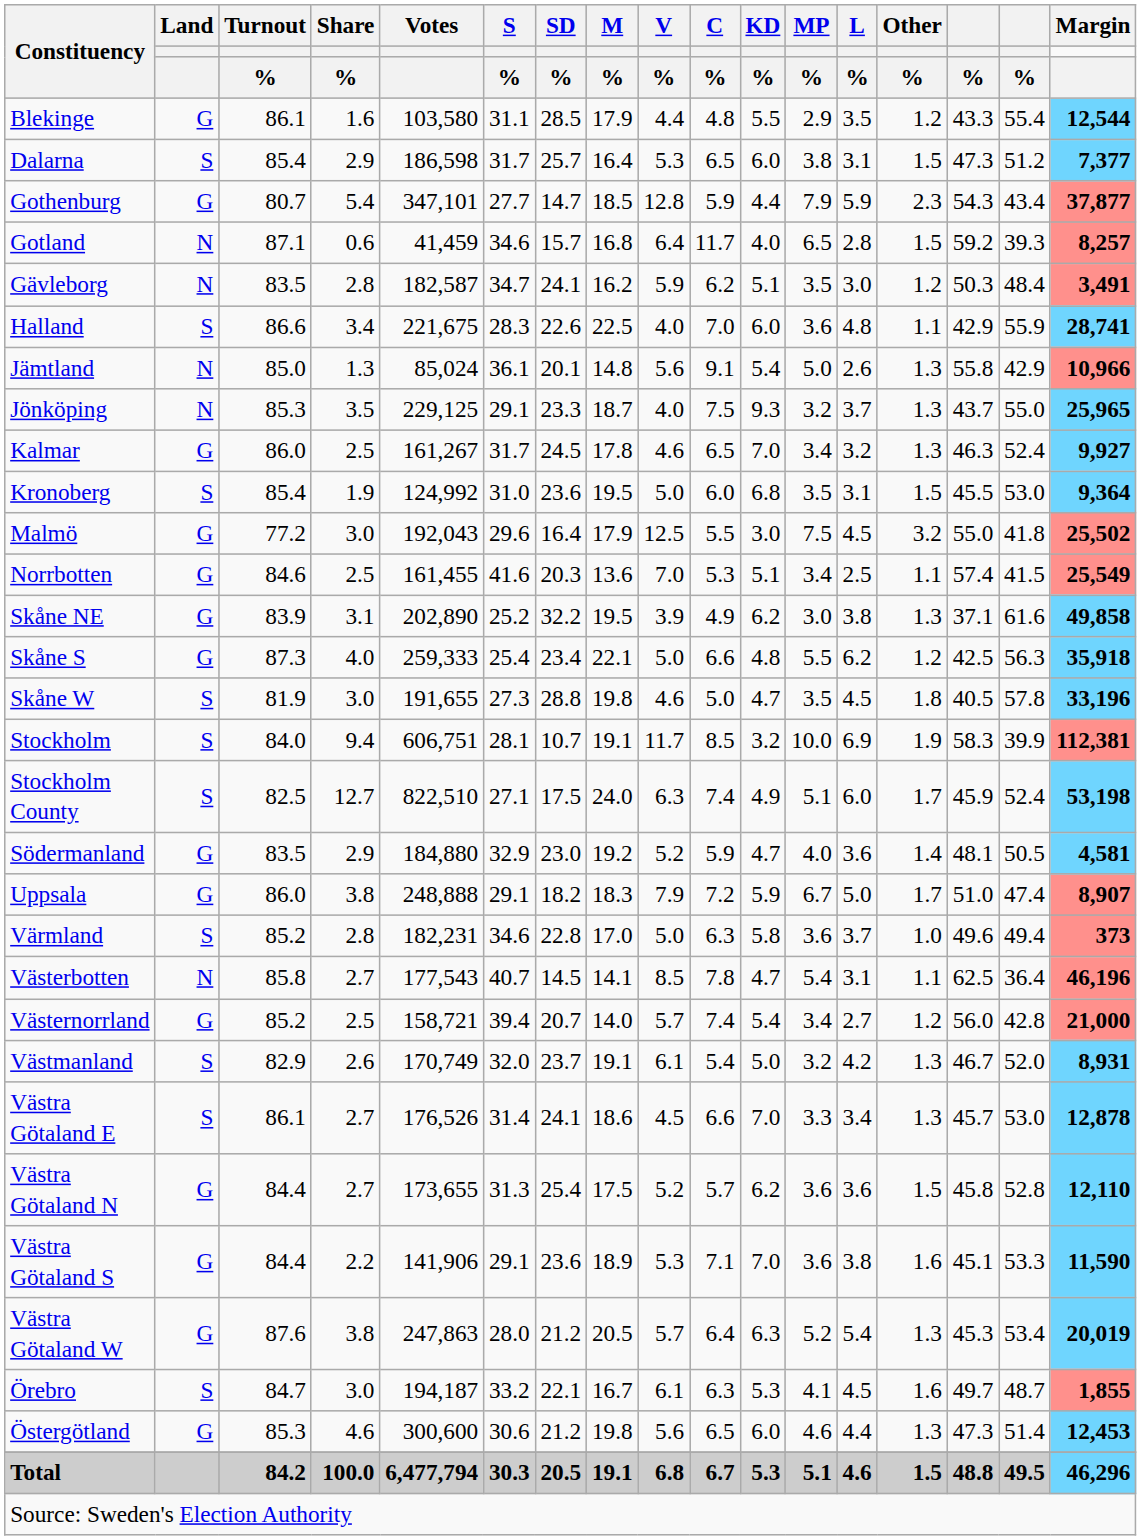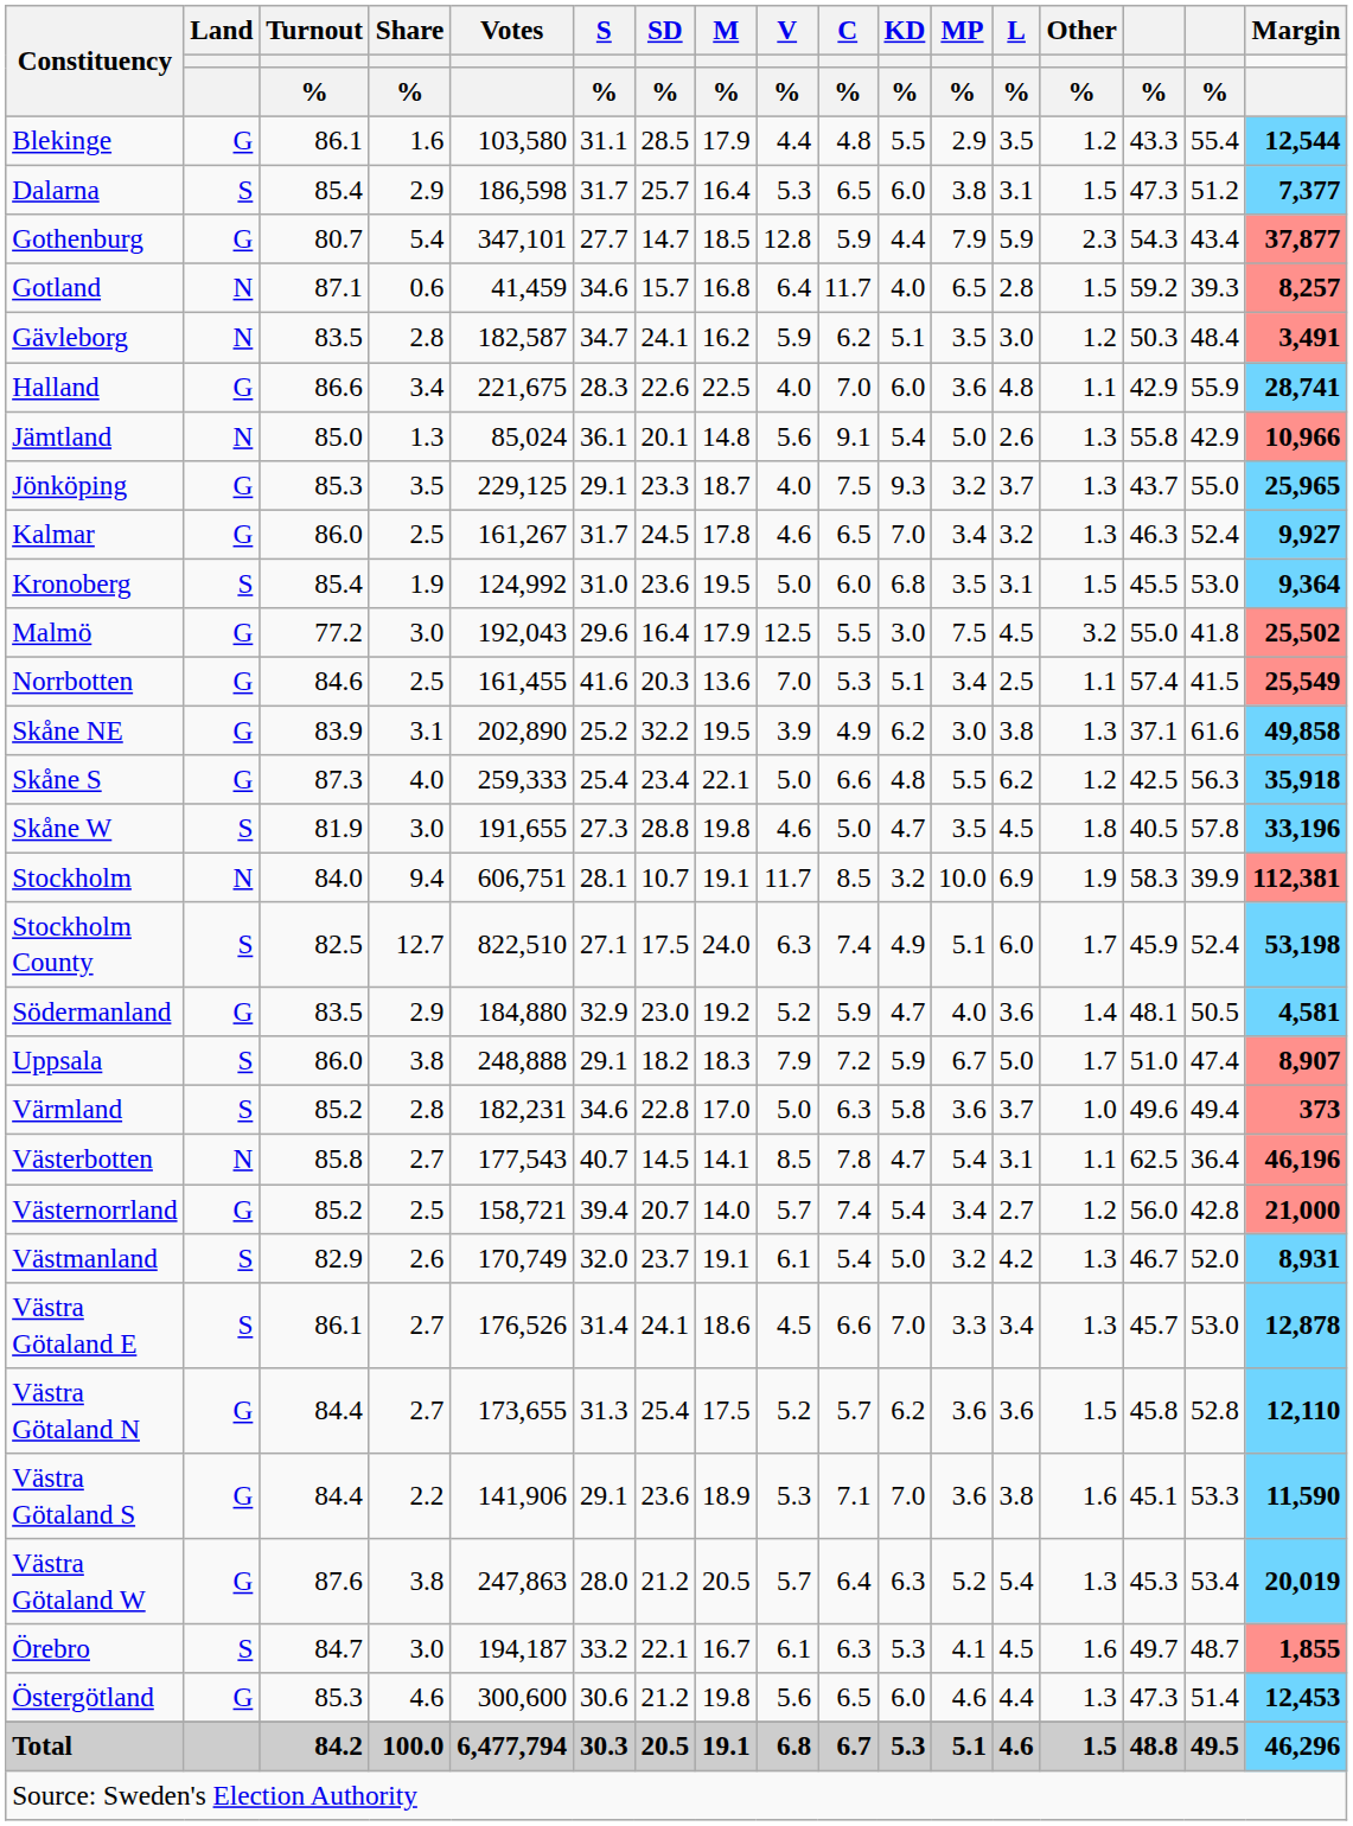 <table class="wikitable sortable" style="text-align:right; font-size:95%; line-height:20px;">
 <tr>
 <th rowspan="3">Constituency</th>
 <th>Land</th>
 <th>Turnout</th>
 <th>Share</th>
 <th>Votes</th>
 <th width="30px" class="unsortable"><a href='#'>S</a></th>
 <th width="30px" class="unsortable"><a href='#'>SD</a></th>
 <th width="30px" class="unsortable"><a href='#'>M</a></th>
 <th width="30px" class="unsortable"><a href='#'>V</a></th>
 <th width="30px" class="unsortable"><a href='#'>C</a></th>
 <th width="30px" class="unsortable"><a href='#'>KD</a></th>
 <th width="30px" class="unsortable"><a href='#'>MP</a></th>
 <th width="30px" class="unsortable"><a href='#'>L</a></th>
 <th width="30px" class="unsortable">Other</th>
 <th></th>
 <th></th>
 <th>Margin</th>
 </tr>
 <tr>
 <th></th>
 <th></th>
 <th></th>
 <th></th>
 <th style="background:"></th>
 <th style="background:"></th>
 <th style="background:"></th>
 <th style="background:"></th>
 <th style="background:"></th>
 <th style="background:"></th>
 <th style="background:"></th>
 <th style="background:"></th>
 <th style="background:"></th>
 <th style="background:"></th>
 <th style="background:"></th>
 </tr>
 <tr>
 <th></th>
 <th data-sort-type="number">%</th>
 <th data-sort-type="number">%</th>
 <th></th>
 <th data-sort-type="number">%</th>
 <th data-sort-type="number">%</th>
 <th data-sort-type="number">%</th>
 <th data-sort-type="number">%</th>
 <th data-sort-type="number">%</th>
 <th data-sort-type="number">%</th>
 <th data-sort-type="number">%</th>
 <th data-sort-type="number">%</th>
 <th data-sort-type="number">%</th>
 <th data-sort-type="number">%</th>
 <th data-sort-type="number">%</th>
 <th data-sort-type="number"></th>
 </tr>
 <tr>
 <td align="left"><a href='#'>Blekinge</a></td>
 <td><a href='#'>G</a></td>
 <td>86.1</td>
 <td>1.6</td>
 <td>103,580</td>
 <td>31.1</td>
 <td>28.5</td>
 <td>17.9</td>
 <td>4.4</td>
 <td>4.8</td>
 <td>5.5</td>
 <td>2.9</td>
 <td>3.5</td>
 <td>1.2</td>
 <td>43.3</td>
 <td>55.4</td>
 <td bgcolor=#6fd5fe><strong>12,544</strong></td>
 </tr>
 <tr>
 <td align="left"><a href='#'>Dalarna</a></td>
 <td><a href='#'>S</a></td>
 <td>85.4</td>
 <td>2.9</td>
 <td>186,598</td>
 <td>31.7</td>
 <td>25.7</td>
 <td>16.4</td>
 <td>5.3</td>
 <td>6.5</td>
 <td>6.0</td>
 <td>3.8</td>
 <td>3.1</td>
 <td>1.5</td>
 <td>47.3</td>
 <td>51.2</td>
 <td bgcolor=#6fd5fe><strong>7,377</strong></td>
 </tr>
 <tr>
 <td align="left"><a href='#'>Gothenburg</a></td>
 <td><a href='#'>G</a></td>
 <td>80.7</td>
 <td>5.4</td>
 <td>347,101</td>
 <td>27.7</td>
 <td>14.7</td>
 <td>18.5</td>
 <td>12.8</td>
 <td>5.9</td>
 <td>4.4</td>
 <td>7.9</td>
 <td>5.9</td>
 <td>2.3</td>
 <td>54.3</td>
 <td>43.4</td>
 <td bgcolor=#ff908c><strong>37,877</strong></td>
 </tr>
 <tr>
 <td align="left"><a href='#'>Gotland</a></td>
 <td><a href='#'>N</a></td>
 <td>87.1</td>
 <td>0.6</td>
 <td>41,459</td>
 <td>34.6</td>
 <td>15.7</td>
 <td>16.8</td>
 <td>6.4</td>
 <td>11.7</td>
 <td>4.0</td>
 <td>6.5</td>
 <td>2.8</td>
 <td>1.5</td>
 <td>59.2</td>
 <td>39.3</td>
 <td bgcolor=#ff908c><strong>8,257</strong></td>
 </tr>
 <tr>
 <td align="left"><a href='#'>Gävleborg</a></td>
 <td><a href='#'>N</a></td>
 <td>83.5</td>
 <td>2.8</td>
 <td>182,587</td>
 <td>34.7</td>
 <td>24.1</td>
 <td>16.2</td>
 <td>5.9</td>
 <td>6.2</td>
 <td>5.1</td>
 <td>3.5</td>
 <td>3.0</td>
 <td>1.2</td>
 <td>50.3</td>
 <td>48.4</td>
 <td bgcolor=#ff908c><strong>3,491</strong></td>
 </tr>
 <tr>
 <td align="left"><a href='#'>Halland</a></td>
-<td><a href='#'>S</a></td>
+<td><a href='#'>G</a></td>
 <td>86.6</td>
 <td>3.4</td>
 <td>221,675</td>
 <td>28.3</td>
 <td>22.6</td>
 <td>22.5</td>
 <td>4.0</td>
 <td>7.0</td>
 <td>6.0</td>
 <td>3.6</td>
 <td>4.8</td>
 <td>1.1</td>
 <td>42.9</td>
 <td>55.9</td>
 <td bgcolor=#6fd5fe><strong>28,741</strong></td>
 </tr>
 <tr>
 <td align="left"><a href='#'>Jämtland</a></td>
 <td><a href='#'>N</a></td>
 <td>85.0</td>
 <td>1.3</td>
 <td>85,024</td>
 <td>36.1</td>
 <td>20.1</td>
 <td>14.8</td>
 <td>5.6</td>
 <td>9.1</td>
 <td>5.4</td>
 <td>5.0</td>
 <td>2.6</td>
 <td>1.3</td>
 <td>55.8</td>
 <td>42.9</td>
 <td bgcolor=#ff908c><strong>10,966</strong></td>
 </tr>
 <tr>
 <td align="left"><a href='#'>Jönköping</a></td>
-<td><a href='#'>N</a></td>
+<td><a href='#'>G</a></td>
 <td>85.3</td>
 <td>3.5</td>
 <td>229,125</td>
 <td>29.1</td>
 <td>23.3</td>
 <td>18.7</td>
 <td>4.0</td>
 <td>7.5</td>
 <td>9.3</td>
 <td>3.2</td>
 <td>3.7</td>
 <td>1.3</td>
 <td>43.7</td>
 <td>55.0</td>
 <td bgcolor=#6fd5fe><strong>25,965</strong></td>
 </tr>
 <tr>
 <td align="left"><a href='#'>Kalmar</a></td>
 <td><a href='#'>G</a></td>
 <td>86.0</td>
 <td>2.5</td>
 <td>161,267</td>
 <td>31.7</td>
 <td>24.5</td>
 <td>17.8</td>
 <td>4.6</td>
 <td>6.5</td>
 <td>7.0</td>
 <td>3.4</td>
 <td>3.2</td>
 <td>1.3</td>
 <td>46.3</td>
 <td>52.4</td>
 <td bgcolor=#6fd5fe><strong>9,927</strong></td>
 </tr>
 <tr>
 <td align="left"><a href='#'>Kronoberg</a></td>
 <td><a href='#'>S</a></td>
 <td>85.4</td>
 <td>1.9</td>
 <td>124,992</td>
 <td>31.0</td>
 <td>23.6</td>
 <td>19.5</td>
 <td>5.0</td>
 <td>6.0</td>
 <td>6.8</td>
 <td>3.5</td>
 <td>3.1</td>
 <td>1.5</td>
 <td>45.5</td>
 <td>53.0</td>
 <td bgcolor=#6fd5fe><strong>9,364</strong></td>
 </tr>
 <tr>
 <td align="left"><a href='#'>Malmö</a></td>
 <td><a href='#'>G</a></td>
 <td>77.2</td>
 <td>3.0</td>
 <td>192,043</td>
 <td>29.6</td>
 <td>16.4</td>
 <td>17.9</td>
 <td>12.5</td>
 <td>5.5</td>
 <td>3.0</td>
 <td>7.5</td>
 <td>4.5</td>
 <td>3.2</td>
 <td>55.0</td>
 <td>41.8</td>
 <td bgcolor=#ff908c><strong>25,502</strong></td>
 </tr>
 <tr>
 <td align="left"><a href='#'>Norrbotten</a></td>
 <td><a href='#'>G</a></td>
 <td>84.6</td>
 <td>2.5</td>
 <td>161,455</td>
 <td>41.6</td>
 <td>20.3</td>
 <td>13.6</td>
 <td>7.0</td>
 <td>5.3</td>
 <td>5.1</td>
 <td>3.4</td>
 <td>2.5</td>
 <td>1.1</td>
 <td>57.4</td>
 <td>41.5</td>
 <td bgcolor=#ff908c><strong>25,549</strong></td>
 </tr>
 <tr>
 <td align="left"><a href='#'>Skåne NE</a></td>
 <td><a href='#'>G</a></td>
 <td>83.9</td>
 <td>3.1</td>
 <td>202,890</td>
 <td>25.2</td>
 <td>32.2</td>
 <td>19.5</td>
 <td>3.9</td>
 <td>4.9</td>
 <td>6.2</td>
 <td>3.0</td>
 <td>3.8</td>
 <td>1.3</td>
 <td>37.1</td>
 <td>61.6</td>
 <td bgcolor=#6fd5fe><strong>49,858</strong></td>
 </tr>
 <tr>
 <td align="left"><a href='#'>Skåne S</a></td>
 <td><a href='#'>G</a></td>
 <td>87.3</td>
 <td>4.0</td>
 <td>259,333</td>
 <td>25.4</td>
 <td>23.4</td>
 <td>22.1</td>
 <td>5.0</td>
 <td>6.6</td>
 <td>4.8</td>
 <td>5.5</td>
 <td>6.2</td>
 <td>1.2</td>
 <td>42.5</td>
 <td>56.3</td>
 <td bgcolor=#6fd5fe><strong>35,918</strong></td>
 </tr>
 <tr>
 <td align="left"><a href='#'>Skåne W</a></td>
 <td><a href='#'>S</a></td>
 <td>81.9</td>
 <td>3.0</td>
 <td>191,655</td>
 <td>27.3</td>
 <td>28.8</td>
 <td>19.8</td>
 <td>4.6</td>
 <td>5.0</td>
 <td>4.7</td>
 <td>3.5</td>
 <td>4.5</td>
 <td>1.8</td>
 <td>40.5</td>
 <td>57.8</td>
 <td bgcolor=#6fd5fe><strong>33,196</strong></td>
 </tr>
 <tr>
 <td align="left"><a href='#'>Stockholm</a></td>
-<td><a href='#'>S</a></td>
+<td><a href='#'>N</a></td>
 <td>84.0</td>
 <td>9.4</td>
 <td>606,751</td>
 <td>28.1</td>
 <td>10.7</td>
 <td>19.1</td>
 <td>11.7</td>
 <td>8.5</td>
 <td>3.2</td>
 <td>10.0</td>
 <td>6.9</td>
 <td>1.9</td>
 <td>58.3</td>
 <td>39.9</td>
 <td bgcolor=#ff908c><strong>112,381</strong></td>
 </tr>
 <tr>
 <td align="left"><a href='#'>Stockholm County</a></td>
 <td><a href='#'>S</a></td>
 <td>82.5</td>
 <td>12.7</td>
 <td>822,510</td>
 <td>27.1</td>
 <td>17.5</td>
 <td>24.0</td>
 <td>6.3</td>
 <td>7.4</td>
 <td>4.9</td>
 <td>5.1</td>
 <td>6.0</td>
 <td>1.7</td>
 <td>45.9</td>
 <td>52.4</td>
 <td bgcolor=#6fd5fe><strong>53,198</strong></td>
 </tr>
 <tr>
 <td align="left"><a href='#'>Södermanland</a></td>
 <td><a href='#'>G</a></td>
 <td>83.5</td>
 <td>2.9</td>
 <td>184,880</td>
 <td>32.9</td>
 <td>23.0</td>
 <td>19.2</td>
 <td>5.2</td>
 <td>5.9</td>
 <td>4.7</td>
 <td>4.0</td>
 <td>3.6</td>
 <td>1.4</td>
 <td>48.1</td>
 <td>50.5</td>
 <td bgcolor=#6fd5fe><strong>4,581</strong></td>
 </tr>
 <tr>
 <td align="left"><a href='#'>Uppsala</a></td>
-<td><a href='#'>G</a></td>
+<td><a href='#'>S</a></td>
 <td>86.0</td>
 <td>3.8</td>
 <td>248,888</td>
 <td>29.1</td>
 <td>18.2</td>
 <td>18.3</td>
 <td>7.9</td>
 <td>7.2</td>
 <td>5.9</td>
 <td>6.7</td>
 <td>5.0</td>
 <td>1.7</td>
 <td>51.0</td>
 <td>47.4</td>
 <td bgcolor=#ff908c><strong>8,907</strong></td>
 </tr>
 <tr>
 <td align="left"><a href='#'>Värmland</a></td>
 <td><a href='#'>S</a></td>
 <td>85.2</td>
 <td>2.8</td>
 <td>182,231</td>
 <td>34.6</td>
 <td>22.8</td>
 <td>17.0</td>
 <td>5.0</td>
 <td>6.3</td>
 <td>5.8</td>
 <td>3.6</td>
 <td>3.7</td>
 <td>1.0</td>
 <td>49.6</td>
 <td>49.4</td>
 <td bgcolor=#ff908c><strong>373</strong></td>
 </tr>
 <tr>
 <td align="left"><a href='#'>Västerbotten</a></td>
 <td><a href='#'>N</a></td>
 <td>85.8</td>
 <td>2.7</td>
 <td>177,543</td>
 <td>40.7</td>
 <td>14.5</td>
 <td>14.1</td>
 <td>8.5</td>
 <td>7.8</td>
 <td>4.7</td>
 <td>5.4</td>
 <td>3.1</td>
 <td>1.1</td>
 <td>62.5</td>
 <td>36.4</td>
 <td bgcolor=#ff908c><strong>46,196</strong></td>
 </tr>
 <tr>
 <td align="left"><a href='#'>Västernorrland</a></td>
 <td><a href='#'>G</a></td>
 <td>85.2</td>
 <td>2.5</td>
 <td>158,721</td>
 <td>39.4</td>
 <td>20.7</td>
 <td>14.0</td>
 <td>5.7</td>
 <td>7.4</td>
 <td>5.4</td>
 <td>3.4</td>
 <td>2.7</td>
 <td>1.2</td>
 <td>56.0</td>
 <td>42.8</td>
 <td bgcolor=#ff908c><strong>21,000</strong></td>
 </tr>
 <tr>
 <td align="left"><a href='#'>Västmanland</a></td>
 <td><a href='#'>S</a></td>
 <td>82.9</td>
 <td>2.6</td>
 <td>170,749</td>
 <td>32.0</td>
 <td>23.7</td>
 <td>19.1</td>
 <td>6.1</td>
 <td>5.4</td>
 <td>5.0</td>
 <td>3.2</td>
 <td>4.2</td>
 <td>1.3</td>
 <td>46.7</td>
 <td>52.0</td>
 <td bgcolor=#6fd5fe><strong>8,931</strong></td>
 </tr>
 <tr>
 <td align="left"><a href='#'>Västra Götaland E</a></td>
 <td><a href='#'>S</a></td>
 <td>86.1</td>
 <td>2.7</td>
 <td>176,526</td>
 <td>31.4</td>
 <td>24.1</td>
 <td>18.6</td>
 <td>4.5</td>
 <td>6.6</td>
 <td>7.0</td>
 <td>3.3</td>
 <td>3.4</td>
 <td>1.3</td>
 <td>45.7</td>
 <td>53.0</td>
 <td bgcolor=#6fd5fe><strong>12,878</strong></td>
 </tr>
 <tr>
 <td align="left"><a href='#'>Västra Götaland N</a></td>
 <td><a href='#'>G</a></td>
 <td>84.4</td>
 <td>2.7</td>
 <td>173,655</td>
 <td>31.3</td>
 <td>25.4</td>
 <td>17.5</td>
 <td>5.2</td>
 <td>5.7</td>
 <td>6.2</td>
 <td>3.6</td>
 <td>3.6</td>
 <td>1.5</td>
 <td>45.8</td>
 <td>52.8</td>
 <td bgcolor=#6fd5fe><strong>12,110</strong></td>
 </tr>
 <tr>
 <td align="left"><a href='#'>Västra Götaland S</a></td>
 <td><a href='#'>G</a></td>
 <td>84.4</td>
 <td>2.2</td>
 <td>141,906</td>
 <td>29.1</td>
 <td>23.6</td>
 <td>18.9</td>
 <td>5.3</td>
 <td>7.1</td>
 <td>7.0</td>
 <td>3.6</td>
 <td>3.8</td>
 <td>1.6</td>
 <td>45.1</td>
 <td>53.3</td>
 <td bgcolor=#6fd5fe><strong>11,590</strong></td>
 </tr>
 <tr>
 <td align="left"><a href='#'>Västra Götaland W</a></td>
 <td><a href='#'>G</a></td>
 <td>87.6</td>
 <td>3.8</td>
 <td>247,863</td>
 <td>28.0</td>
 <td>21.2</td>
 <td>20.5</td>
 <td>5.7</td>
 <td>6.4</td>
 <td>6.3</td>
 <td>5.2</td>
 <td>5.4</td>
 <td>1.3</td>
 <td>45.3</td>
 <td>53.4</td>
 <td bgcolor=#6fd5fe><strong>20,019</strong></td>
 </tr>
 <tr>
 <td align="left"><a href='#'>Örebro</a></td>
 <td><a href='#'>S</a></td>
 <td>84.7</td>
 <td>3.0</td>
 <td>194,187</td>
 <td>33.2</td>
 <td>22.1</td>
 <td>16.7</td>
 <td>6.1</td>
 <td>6.3</td>
 <td>5.3</td>
 <td>4.1</td>
 <td>4.5</td>
 <td>1.6</td>
 <td>49.7</td>
 <td>48.7</td>
 <td bgcolor=#ff908c><strong>1,855</strong></td>
 </tr>
 <tr>
 <td align="left"><a href='#'>Östergötland</a></td>
 <td><a href='#'>G</a></td>
 <td>85.3</td>
 <td>4.6</td>
 <td>300,600</td>
 <td>30.6</td>
 <td>21.2</td>
 <td>19.8</td>
 <td>5.6</td>
 <td>6.5</td>
 <td>6.0</td>
 <td>4.6</td>
 <td>4.4</td>
 <td>1.3</td>
 <td>47.3</td>
 <td>51.4</td>
 <td bgcolor=#6fd5fe><strong>12,453</strong></td>
 </tr>
 <tr>
 </tr>
 <tr style="background:#CDCDCD;">
 <td align="left"><strong>Total</strong></td>
 <td></td>
 <td><strong>84.2</strong></td>
 <td><strong>100.0</strong></td>
 <td><strong>6,477,794</strong></td>
 <td><strong>30.3</strong></td>
 <td><strong>20.5</strong></td>
 <td><strong>19.1</strong></td>
 <td><strong>6.8</strong></td>
 <td><strong>6.7</strong></td>
 <td><strong>5.3</strong></td>
 <td><strong>5.1</strong></td>
 <td><strong>4.6</strong></td>
 <td><strong>1.5</strong></td>
 <td><strong>48.8</strong></td>
 <td><strong>49.5</strong></td>
 <td bgcolor=#6fd5fe><strong>46,296</strong></td>
 </tr>
 <tr>
 <td colspan="17" align="left">Source: Sweden's <a href='#'>Election Authority</a></td>
 </tr>
 </table>
